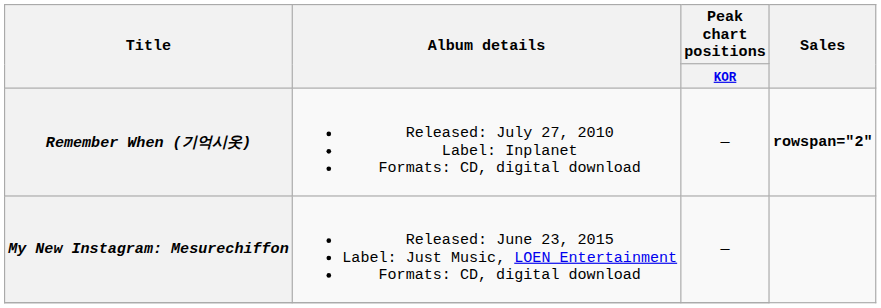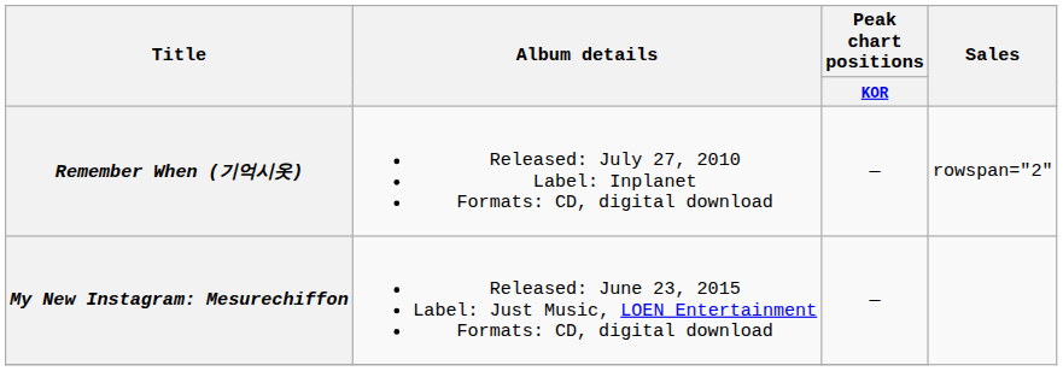 <table class="wikitable plainrowheaders" style="text-align:center;">
 <tr>
 <th scope="col" rowspan="2">Title</th>
 <th scope="col" rowspan="2">Album details</th>
 <th scope="col" colspan="1" style="width:5em;">Peak chart positions</th>
 <th scope="col" rowspan="2">Sales</th>
 </tr>
 <tr>
 <th><small><a href='#'>KOR</a></small><br></th>
 </tr>
 <tr>
 <th scope="row"><em>Remember When (기억시옷)</em></th>
 <td><br><ul><li>Released: July 27, 2010</li><li>Label: Inplanet</li><li>Formats: CD, digital download</li></ul></td>
 <td>—</td>
-<td><strong>rowspan="2" </strong></td>
+<td>rowspan="2" </td>
 </tr>
 <tr>
 <th scope="row"><em>My New Instagram: Mesurechiffon</em></th>
 <td><br><ul><li>Released: June 23, 2015</li><li>Label: Just Music, <a href='#'>LOEN Entertainment</a></li><li>Formats: CD, digital download</li></ul></td>
 <td>—</td>
 </tr>
 <tr>
 </tr>
 </table>
